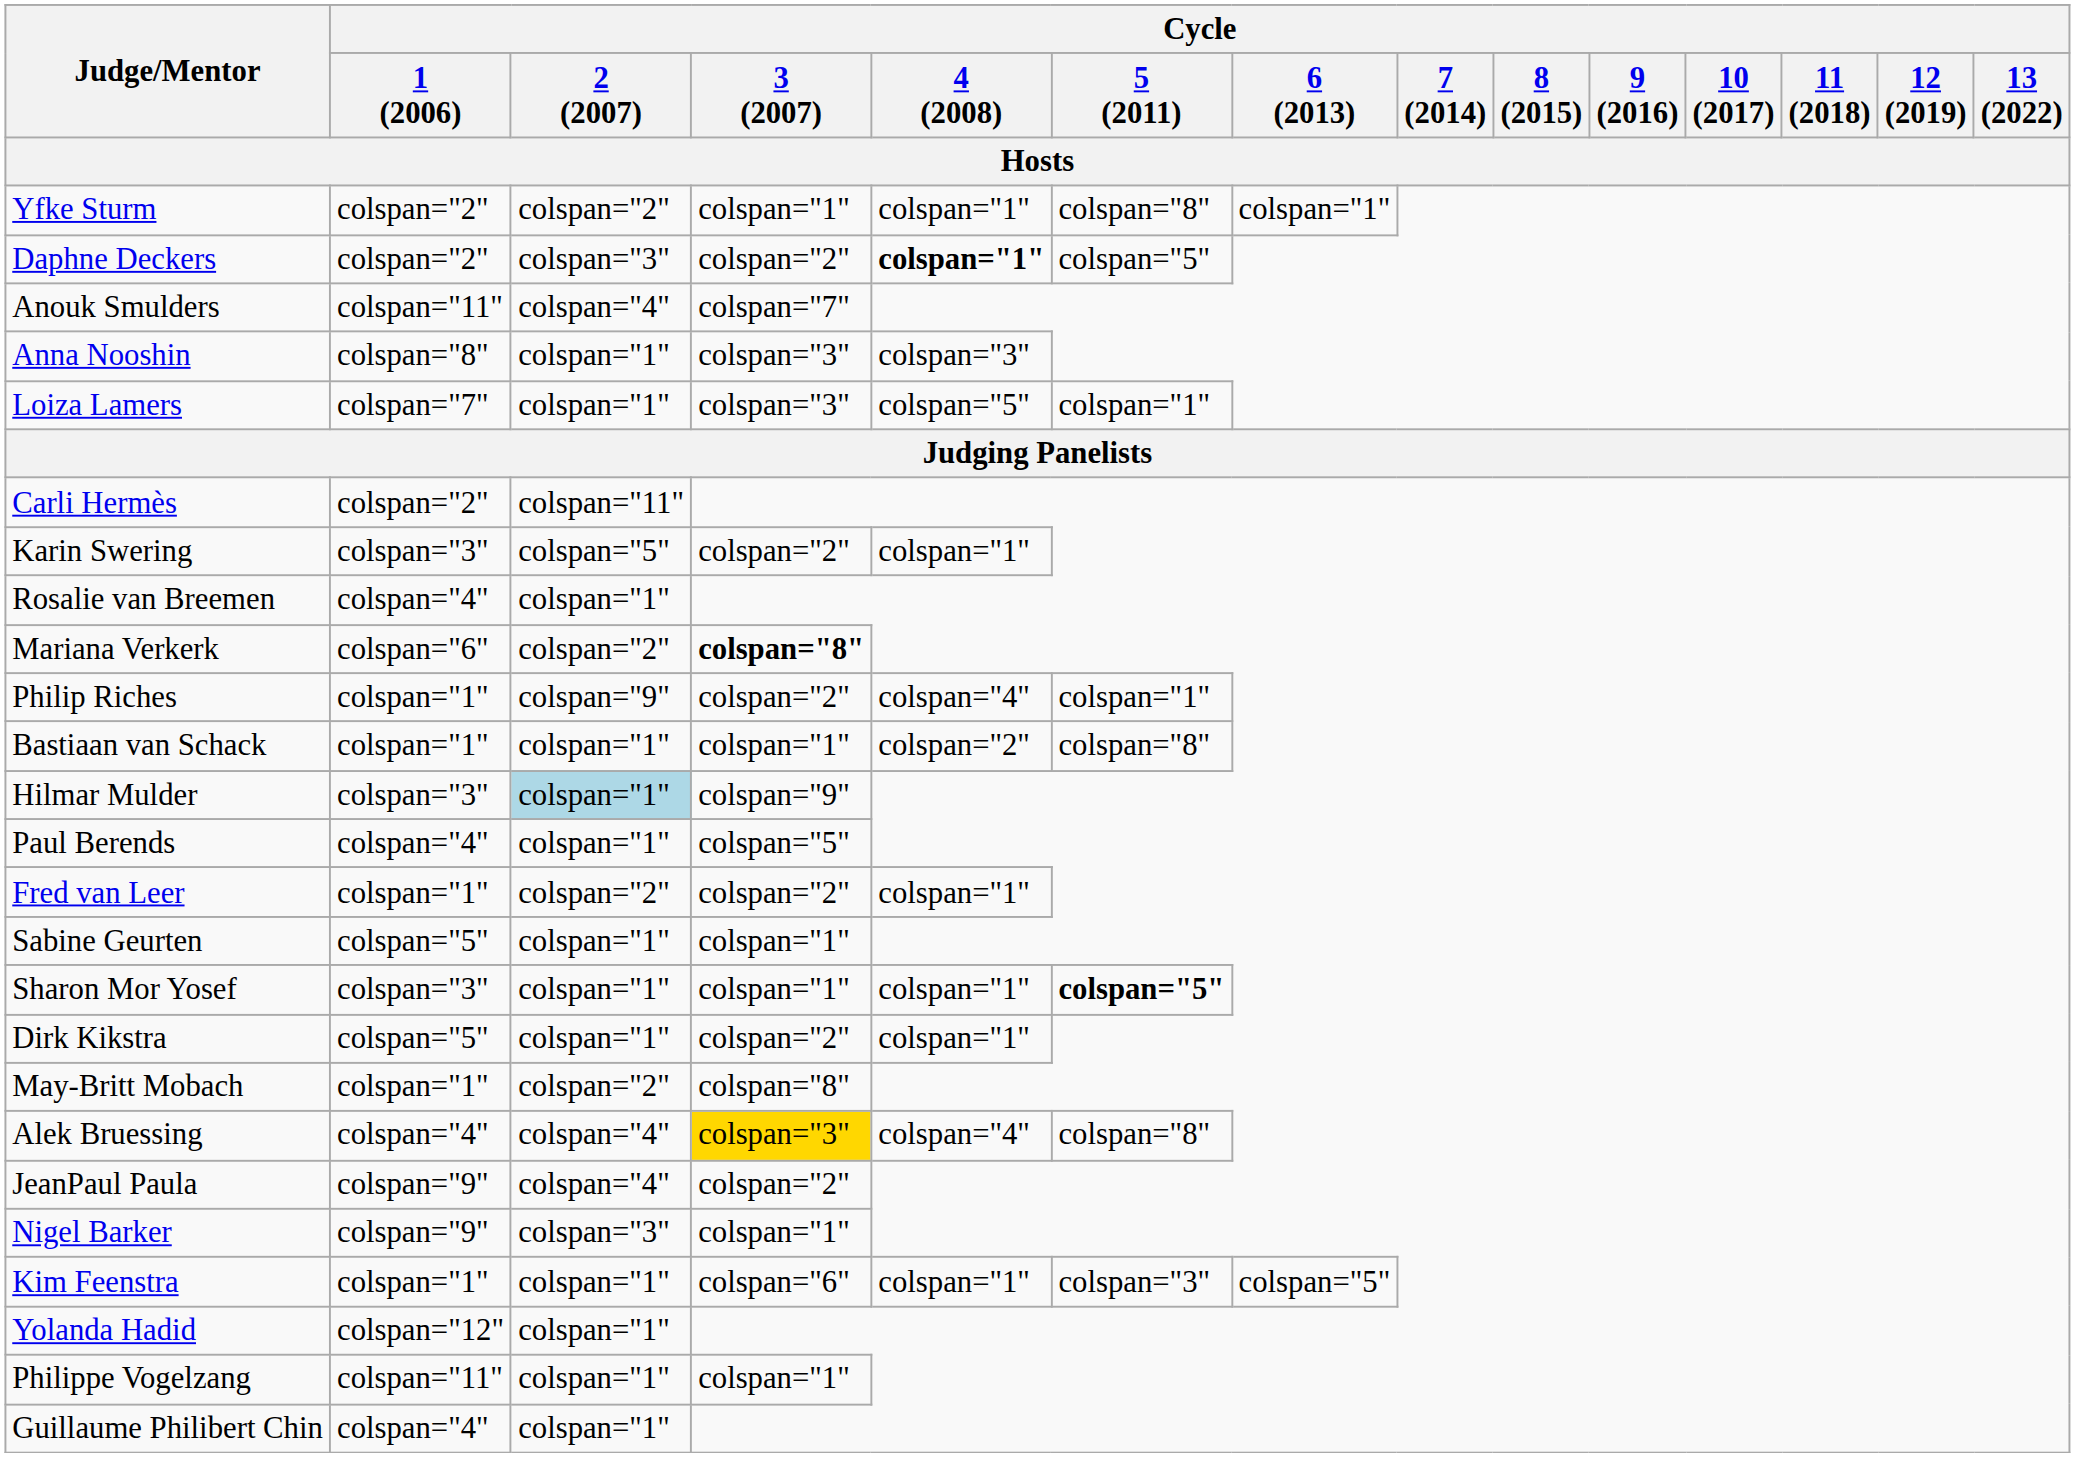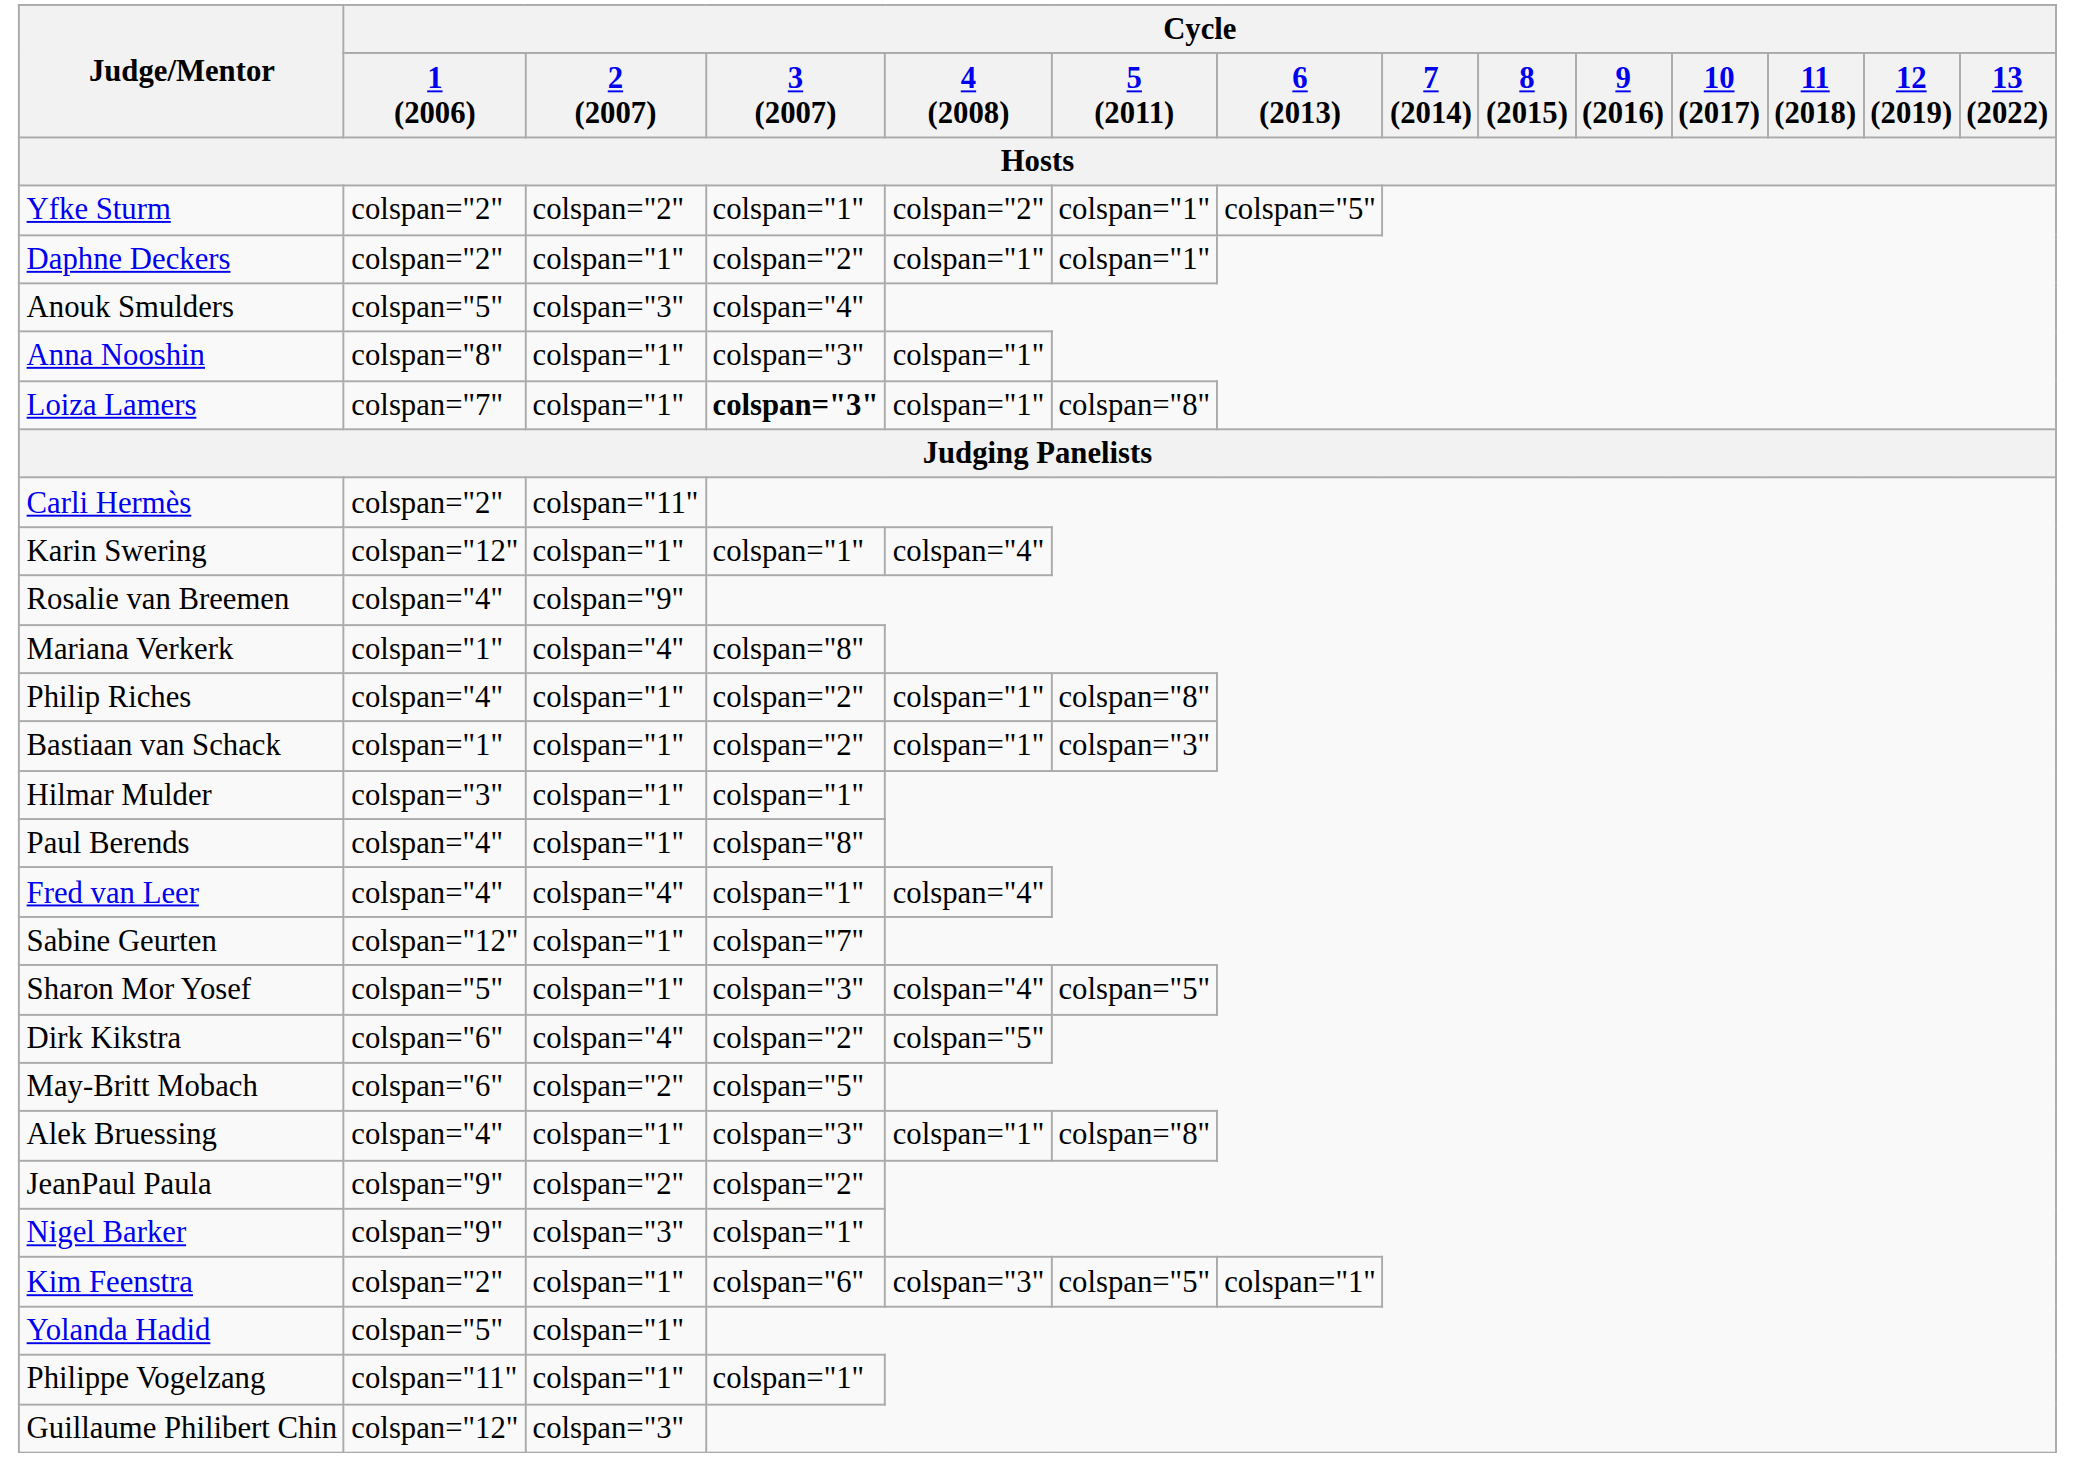 <table class="wikitable" style="margin:1em auto 1em auto;">
 <tr>
 <th rowspan="2">Judge/Mentor</th>
 <th colspan="13">Cycle</th>
 </tr>
 <tr>
 <th><a href='#'>1</a><br> (2006)</th>
 <th><a href='#'>2</a><br> (2007)</th>
 <th><a href='#'>3</a><br> (2007)</th>
 <th><a href='#'>4</a><br> (2008)</th>
 <th><a href='#'>5</a><br> (2011)</th>
 <th><a href='#'>6</a><br> (2013)</th>
 <th><a href='#'>7</a><br> (2014)</th>
 <th><a href='#'>8</a><br> (2015)</th>
 <th><a href='#'>9</a><br> (2016)</th>
 <th><a href='#'>10</a><br> (2017)</th>
 <th><a href='#'>11</a><br> (2018)</th>
 <th><a href='#'>12</a><br> (2019)</th>
 <th><a href='#'>13</a><br> (2022)</th>
 </tr>
 <tr>
 <th scope="col" colspan="14">Hosts</th>
 </tr>
 <tr>
 <td scope="row"><a href='#'>Yfke Sturm</a></td>
 <td>colspan="2" </td>
 <td>colspan="2" </td>
 <td>colspan="1" </td>
+<td>colspan="2" </td>
 <td>colspan="1" </td>
-<td>colspan="8" </td>
-<td>colspan="1" </td>
+<td>colspan="5" </td>
 </tr>
 <tr>
 <td scope="row"><a href='#'>Daphne Deckers</a></td>
 <td>colspan="2" </td>
-<td>colspan="3" </td>
+<td>colspan="1" </td>
 <td>colspan="2" </td>
-<td><strong>colspan="1" </strong></td>
-<td>colspan="5" </td>
+<td>colspan="1" </td>
+<td>colspan="1" </td>
 </tr>
 <tr>
 <td scope="row">Anouk Smulders</td>
-<td>colspan="11" </td>
+<td>colspan="5" </td>
+<td>colspan="3" </td>
 <td>colspan="4" </td>
-<td>colspan="7" </td>
 </tr>
 <tr>
 <td scope="row"><a href='#'>Anna Nooshin</a></td>
 <td>colspan="8" </td>
 <td>colspan="1" </td>
 <td>colspan="3" </td>
-<td>colspan="3" </td>
+<td>colspan="1" </td>
 </tr>
 <tr>
 <td scope="row"><a href='#'>Loiza Lamers</a></td>
 <td>colspan="7" </td>
 <td>colspan="1" </td>
-<td>colspan="3" </td>
-<td>colspan="5" </td>
+<td><strong>colspan="3" </strong></td>
 <td>colspan="1" </td>
+<td>colspan="8" </td>
 </tr>
 <tr>
 <th scope="col" colspan="14">Judging Panelists</th>
 </tr>
 <tr>
 <td scope="row"><a href='#'>Carli Hermès</a></td>
 <td>colspan="2" </td>
 <td>colspan="11" </td>
 </tr>
 <tr>
 <td scope="row">Karin Swering</td>
-<td>colspan="3" </td>
-<td>colspan="5" </td>
-<td>colspan="2" </td>
+<td>colspan="12" </td>
 <td>colspan="1" </td>
+<td>colspan="1" </td>
+<td>colspan="4" </td>
 </tr>
 <tr>
 <td scope="row">Rosalie van Breemen</td>
 <td>colspan="4" </td>
-<td>colspan="1" </td>
+<td>colspan="9" </td>
 </tr>
 <tr>
 <td scope="row">Mariana Verkerk</td>
-<td>colspan="6" </td>
-<td>colspan="2" </td>
-<td><strong>colspan="8" </strong></td>
+<td>colspan="1" </td>
+<td>colspan="4" </td>
+<td>colspan="8" </td>
 </tr>
 <tr>
 <td scope="row">Philip Riches</td>
-<td>colspan="1" </td>
-<td>colspan="9" </td>
-<td>colspan="2" </td>
 <td>colspan="4" </td>
 <td>colspan="1" </td>
+<td>colspan="2" </td>
+<td>colspan="1" </td>
+<td>colspan="8" </td>
 </tr>
 <tr>
 <td scope="row">Bastiaan van Schack</td>
 <td>colspan="1" </td>
 <td>colspan="1" </td>
+<td>colspan="2" </td>
 <td>colspan="1" </td>
-<td>colspan="2" </td>
-<td>colspan="8" </td>
+<td>colspan="3" </td>
 </tr>
 <tr>
 <td scope="row">Hilmar Mulder</td>
 <td>colspan="3" </td>
-<td style="background: lightblue;">colspan="1" </td>
-<td>colspan="9" </td>
+<td>colspan="1" </td>
+<td>colspan="1" </td>
 </tr>
 <tr>
 <td scope="row">Paul Berends</td>
 <td>colspan="4" </td>
 <td>colspan="1" </td>
+<td>colspan="8" </td>
+</tr>
+<tr>
+<td scope="row"><a href='#'>Fred van Leer</a></td>
+<td>colspan="4" </td>
+<td>colspan="4" </td>
+<td>colspan="1" </td>
+<td>colspan="4" </td>
+</tr>
+<tr>
+<td scope="row">Sabine Geurten</td>
+<td>colspan="12" </td>
+<td>colspan="1" </td>
+<td>colspan="7" </td>
+</tr>
+<tr>
+<td scope="row">Sharon Mor Yosef</td>
+<td>colspan="5" </td>
+<td>colspan="1" </td>
+<td>colspan="3" </td>
+<td>colspan="4" </td>
 <td>colspan="5" </td>
 </tr>
 <tr>
-<td scope="row"><a href='#'>Fred van Leer</a></td>
-<td>colspan="1" </td>
+<td scope="row">Dirk Kikstra</td>
+<td>colspan="6" </td>
+<td>colspan="4" </td>
 <td>colspan="2" </td>
-<td>colspan="2" </td>
-<td>colspan="1" </td>
-</tr>
-<tr>
-<td scope="row">Sabine Geurten</td>
 <td>colspan="5" </td>
-<td>colspan="1" </td>
-<td>colspan="1" </td>
-</tr>
-<tr>
-<td scope="row">Sharon Mor Yosef</td>
-<td>colspan="3" </td>
-<td>colspan="1" </td>
-<td>colspan="1" </td>
-<td>colspan="1" </td>
-<td><strong>colspan="5" </strong></td>
-</tr>
-<tr>
-<td scope="row">Dirk Kikstra</td>
-<td>colspan="5" </td>
-<td>colspan="1" </td>
-<td>colspan="2" </td>
-<td>colspan="1" </td>
 </tr>
 <tr>
 <td scope="row">May-Britt Mobach</td>
-<td>colspan="1" </td>
+<td>colspan="6" </td>
 <td>colspan="2" </td>
-<td>colspan="8" </td>
+<td>colspan="5" </td>
 </tr>
 <tr>
 <td scope="row">Alek Bruessing</td>
 <td>colspan="4" </td>
-<td>colspan="4" </td>
-<td style="background: gold;">colspan="3" </td>
-<td>colspan="4" </td>
+<td>colspan="1" </td>
+<td>colspan="3" </td>
+<td>colspan="1" </td>
 <td>colspan="8" </td>
 </tr>
 <tr>
 <td scope="row">JeanPaul Paula</td>
 <td>colspan="9" </td>
-<td>colspan="4" </td>
+<td>colspan="2" </td>
 <td>colspan="2" </td>
 </tr>
 <tr>
 <td scope="row"><a href='#'>Nigel Barker</a></td>
 <td>colspan="9" </td>
 <td>colspan="3" </td>
 <td>colspan="1" </td>
 </tr>
 <tr>
 <td scope="row"><a href='#'>Kim Feenstra</a></td>
-<td>colspan="1" </td>
+<td>colspan="2" </td>
 <td>colspan="1" </td>
 <td>colspan="6" </td>
-<td>colspan="1" </td>
 <td>colspan="3" </td>
 <td>colspan="5" </td>
+<td>colspan="1" </td>
 </tr>
 <tr>
 <td scope="row"><a href='#'>Yolanda Hadid</a></td>
-<td>colspan="12" </td>
+<td>colspan="5" </td>
 <td>colspan="1" </td>
 </tr>
 <tr>
 <td scope="row">Philippe Vogelzang</td>
 <td>colspan="11" </td>
 <td>colspan="1" </td>
 <td>colspan="1" </td>
 </tr>
 <tr>
 <td scope="row">Guillaume Philibert Chin</td>
-<td>colspan="4" </td>
-<td>colspan="1" </td>
+<td>colspan="12" </td>
+<td>colspan="3" </td>
 </tr>
 </table>
